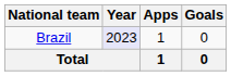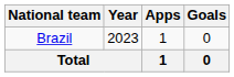 <table class="wikitable" style="text-align:center">
 <tr>
 <th>National team</th>
 <th>Year</th>
 <th>Apps</th>
 <th>Goals</th>
 </tr>
 <tr>
 <td><a href='#'>Brazil</a></td>
-<td style="background: lavender;">2023</td>
+<td>2023</td>
 <td>1</td>
 <td>0</td>
 </tr>
 <tr>
 <th colspan="2">Total</th>
 <th>1</th>
 <th>0</th>
 </tr>
 </table>
